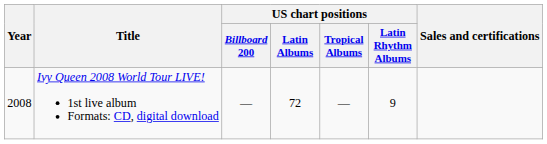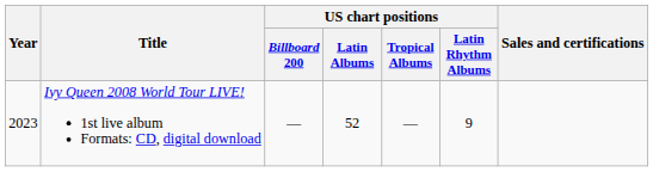 <table class="wikitable">
 <tr>
 <th rowspan="2">Year</th>
 <th rowspan="2">Title</th>
 <th colspan="4">US chart positions</th>
 <th rowspan="2">Sales and certifications</th>
 </tr>
 <tr>
 <th style="width:4em;font-size:90%"><a href='#'><em>Billboard</em> 200</a><br></th>
 <th style="width:4em;font-size:90%"><a href='#'>Latin Albums</a><br></th>
 <th style="width:4em;font-size:90%"><a href='#'>Tropical Albums</a><br></th>
 <th style="width:4em;font-size:90%"><a href='#'>Latin Rhythm Albums</a><br></th>
 </tr>
 <tr>
-<td>2008</td>
+<td>2023</td>
 <td><em><a href='#'>Ivy Queen 2008 World Tour LIVE!</a></em><br><ul><li>1st live album</li><li>Formats: <a href='#'>CD</a>, <a href='#'>digital download</a></li></ul></td>
 <td align="center">—</td>
-<td align="center">72</td>
+<td align="center">52</td>
 <td align="center">—</td>
 <td align="center">9</td>
 <td></td>
 </tr>
 </table>
